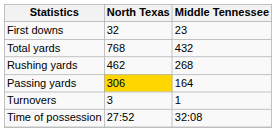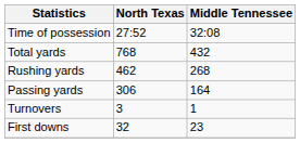 <table class="wikitable">
 <tr>
 <th>Statistics</th>
 <th>North Texas</th>
 <th>Middle Tennessee</th>
 </tr>
 <tr>
-<td>First downs</td>
-<td>32</td>
-<td>23</td>
+<td>Time of possession</td>
+<td>27:52</td>
+<td>32:08</td>
 </tr>
 <tr>
 <td>Total yards</td>
 <td>768</td>
 <td>432</td>
 </tr>
 <tr>
 <td>Rushing yards</td>
 <td>462</td>
 <td>268</td>
 </tr>
 <tr>
 <td>Passing yards</td>
-<td style="background: gold;">306</td>
+<td>306</td>
 <td>164</td>
 </tr>
 <tr>
 <td>Turnovers</td>
 <td>3</td>
 <td>1</td>
 </tr>
 <tr>
-<td>Time of possession</td>
-<td>27:52</td>
-<td>32:08</td>
+<td>First downs</td>
+<td>32</td>
+<td>23</td>
 </tr>
 <tr>
 </tr>
 </table>
